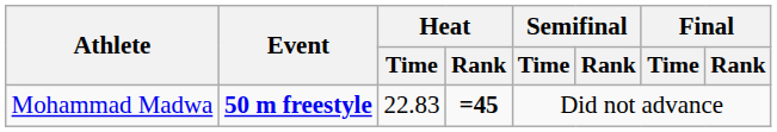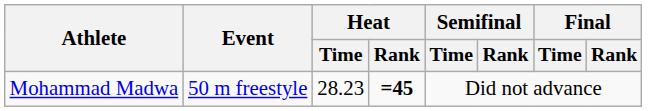 <table class=wikitable style="font-size:90%">
 <tr>
 <th rowspan="2">Athlete</th>
 <th rowspan="2">Event</th>
 <th colspan="2">Heat</th>
 <th colspan="2">Semifinal</th>
 <th colspan="2">Final</th>
 </tr>
 <tr style="font-size:95%">
 <th>Time</th>
 <th>Rank</th>
 <th>Time</th>
 <th>Rank</th>
 <th>Time</th>
 <th>Rank</th>
 </tr>
 <tr align=center>
 <td align=left><a href='#'>Mohammad Madwa</a></td>
-<td align=left><strong><a href='#'>50 m freestyle</a></strong></td>
-<td>22.83</td>
+<td align=left><a href='#'>50 m freestyle</a></td>
+<td>28.23</td>
 <td><strong>=45</strong></td>
 <td colspan=4>Did not advance</td>
 </tr>
 </table>
